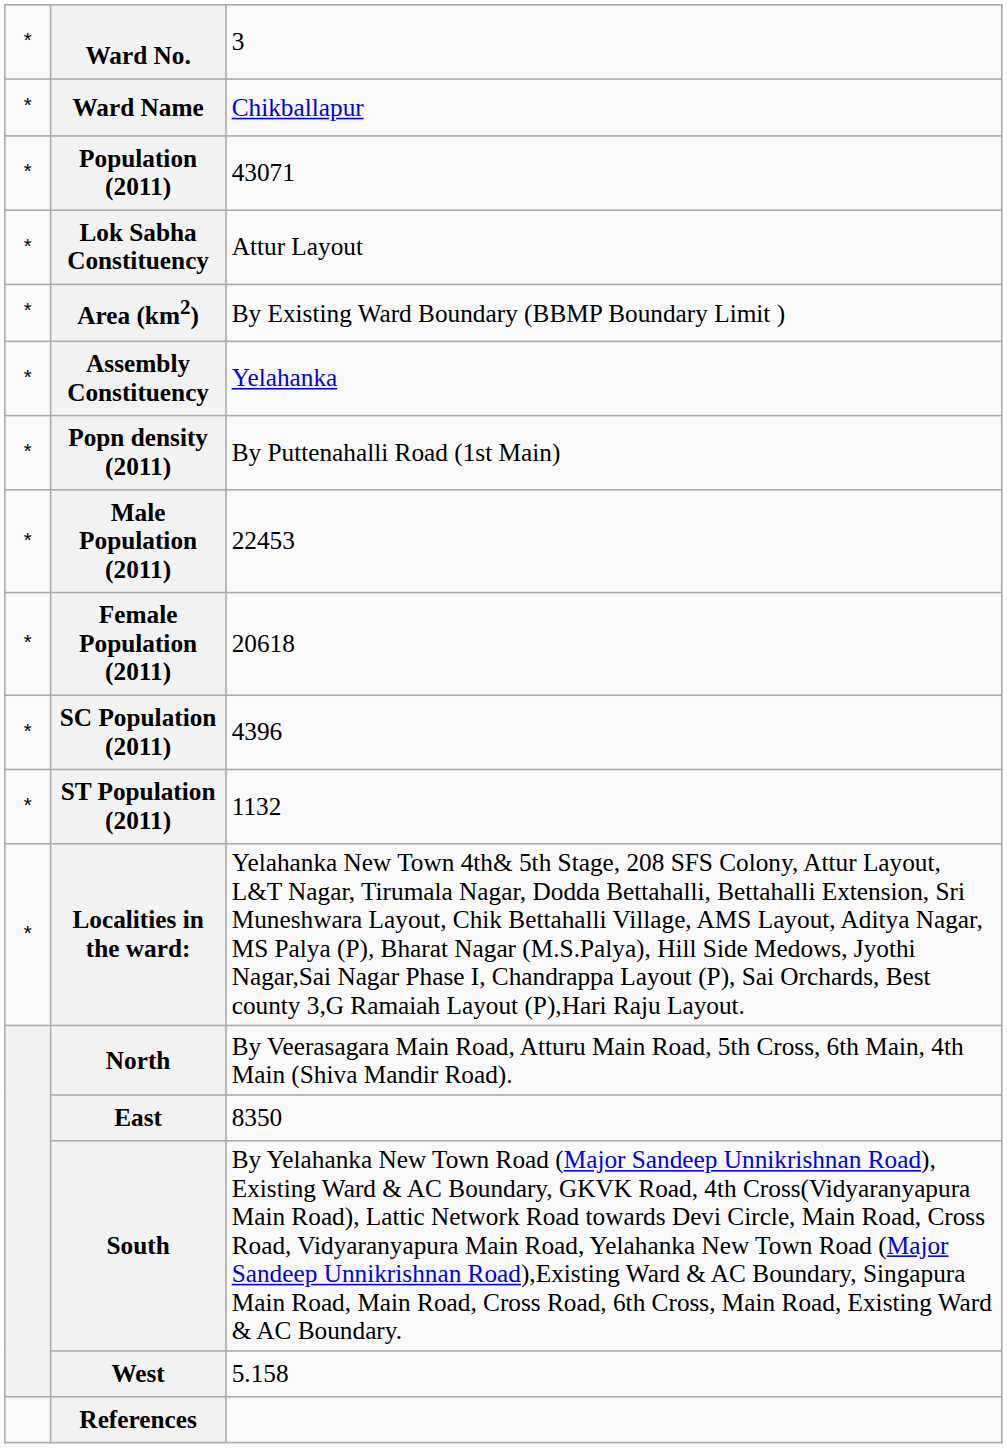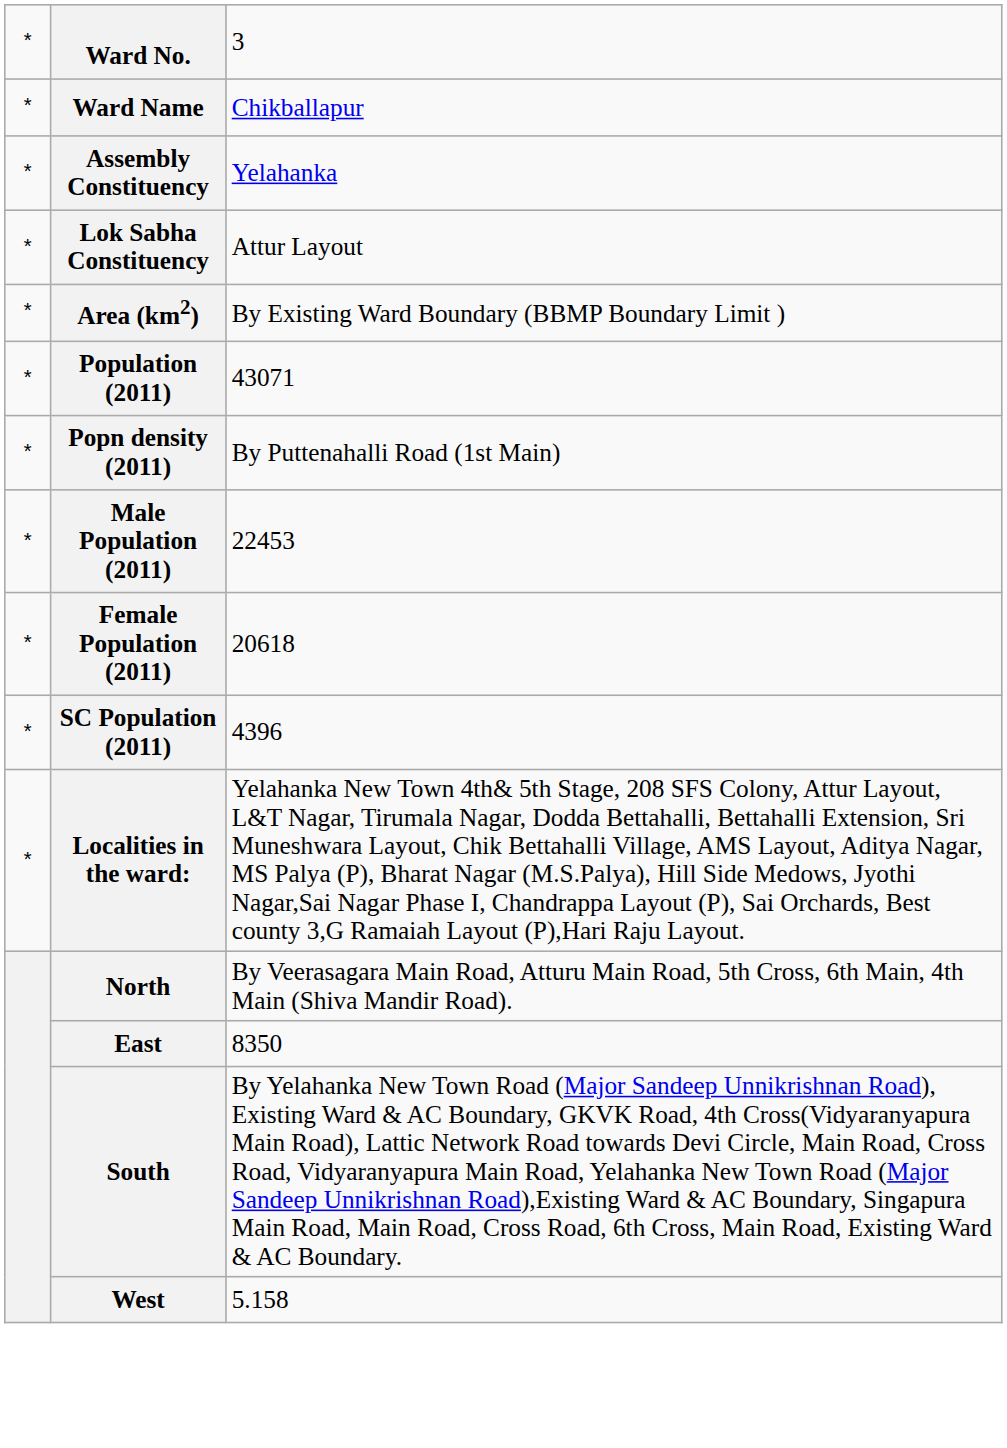 <table class="wikitable" style="width:50%">
 <tr>
 <td style="padding: 10px; font-family: monospace; font-size: 100%;">*</td>
 <th style="padding: 5px;"><br>Ward No.</th>
 <td>3</td>
 </tr>
 <tr>
 <td style="padding: 10px; font-family: monospace; font-size: 100%;">*</td>
 <th style="padding: 5px;">Ward Name</th>
 <td><a href='#'>Chikballapur</a></td>
 </tr>
 <tr>
 <td style="padding: 10px; font-family: monospace; font-size: 100%;">*</td>
-<th style="padding: 5px;">Population (2011)</th>
-<td>43071</td>
+<th style="padding: 5px;">Assembly Constituency</th>
+<td><a href='#'>Yelahanka</a></td>
 </tr>
 <tr>
 <td style="padding: 10px; font-family: monospace; font-size: 100%;">*</td>
 <th style="padding: 5px;">Lok Sabha Constituency</th>
 <td>Attur Layout</td>
 </tr>
 <tr>
 <td style="padding: 10px; font-family: monospace; font-size: 100%;">*</td>
 <th style="padding: 5px;">Area (km<sup>2</sup>)</th>
 <td>By Existing Ward Boundary (BBMP Boundary Limit )</td>
 </tr>
 <tr>
 <td style="padding: 10px; font-family: monospace; font-size: 100%;">*</td>
-<th style="padding: 5px;">Assembly Constituency</th>
-<td><a href='#'>Yelahanka</a></td>
+<th style="padding: 5px;">Population (2011)</th>
+<td>43071</td>
 </tr>
 <tr>
 <td style="padding: 10px; font-family: monospace; font-size: 100%;">*</td>
 <th style="padding: 5px;">Popn density (2011)</th>
 <td>By Puttenahalli Road (1st Main)</td>
 </tr>
 <tr>
 <td style="padding: 10px; font-family: monospace; font-size: 100%;">*</td>
 <th style="padding: 5px;">Male Population (2011)</th>
 <td>22453</td>
 </tr>
 <tr>
 <td style="padding: 10px; font-family: monospace; font-size: 100%;">*</td>
 <th style="padding: 5px;">Female Population (2011)</th>
 <td>20618</td>
 </tr>
 <tr>
 <td style="padding: 10px; font-family: monospace; font-size: 100%;">*</td>
 <th style="padding: 5px;">SC Population (2011)</th>
 <td>4396</td>
 </tr>
 <tr>
 <td style="padding: 10px; font-family: monospace; font-size: 100%;">*</td>
-<th style="padding: 5px;">ST Population (2011)</th>
-<td>1132</td>
-</tr>
-<tr>
-<td style="padding: 10px; font-family: monospace; font-size: 100%;">*</td>
 <th style="padding: 5px;">Localities in the ward:</th>
 <td>Yelahanka New Town 4th& 5th Stage, 208 SFS Colony, Attur Layout, L&T Nagar, Tirumala Nagar, Dodda Bettahalli, Bettahalli Extension, Sri Muneshwara Layout, Chik Bettahalli Village, AMS Layout, Aditya Nagar, MS Palya (P), Bharat Nagar (M.S.Palya), Hill Side Medows, Jyothi Nagar,Sai Nagar Phase I, Chandrappa Layout (P), Sai Orchards, Best county 3,G Ramaiah Layout (P),Hari Raju Layout.</td>
 </tr>
 <tr>
 <th rowspan="4" style="padding: 2px; font-family: monospace; font-size: 120%;"></th>
 <th style="padding: 5px;">North</th>
 <td>By Veerasagara Main Road, Atturu Main Road, 5th Cross, 6th Main, 4th Main (Shiva Mandir Road).</td>
 </tr>
 <tr>
 <th style="padding: 5px;">East</th>
 <td>8350</td>
 </tr>
 <tr>
 <th style="padding: 5px;">South</th>
 <td>By Yelahanka New Town Road (<a href='#'>Major Sandeep Unnikrishnan Road</a>), Existing Ward & AC Boundary, GKVK Road, 4th Cross(Vidyaranyapura Main Road), Lattic Network Road towards Devi Circle, Main Road, Cross Road, Vidyaranyapura Main Road, Yelahanka New Town Road (<a href='#'>Major Sandeep Unnikrishnan Road</a>),Existing Ward & AC Boundary, Singapura Main Road, Main Road, Cross Road, 6th Cross, Main Road, Existing Ward & AC Boundary.</td>
 </tr>
 <tr>
 <th style="padding: 5px;">West</th>
 <td>5.158</td>
 </tr>
-<tr>
-<td style="padding: 10px; font-family: monospace; font-size: 100%;"></td>
-<th style="padding: 5px;">References</th>
-<td></td>
-</tr>
 </table>
